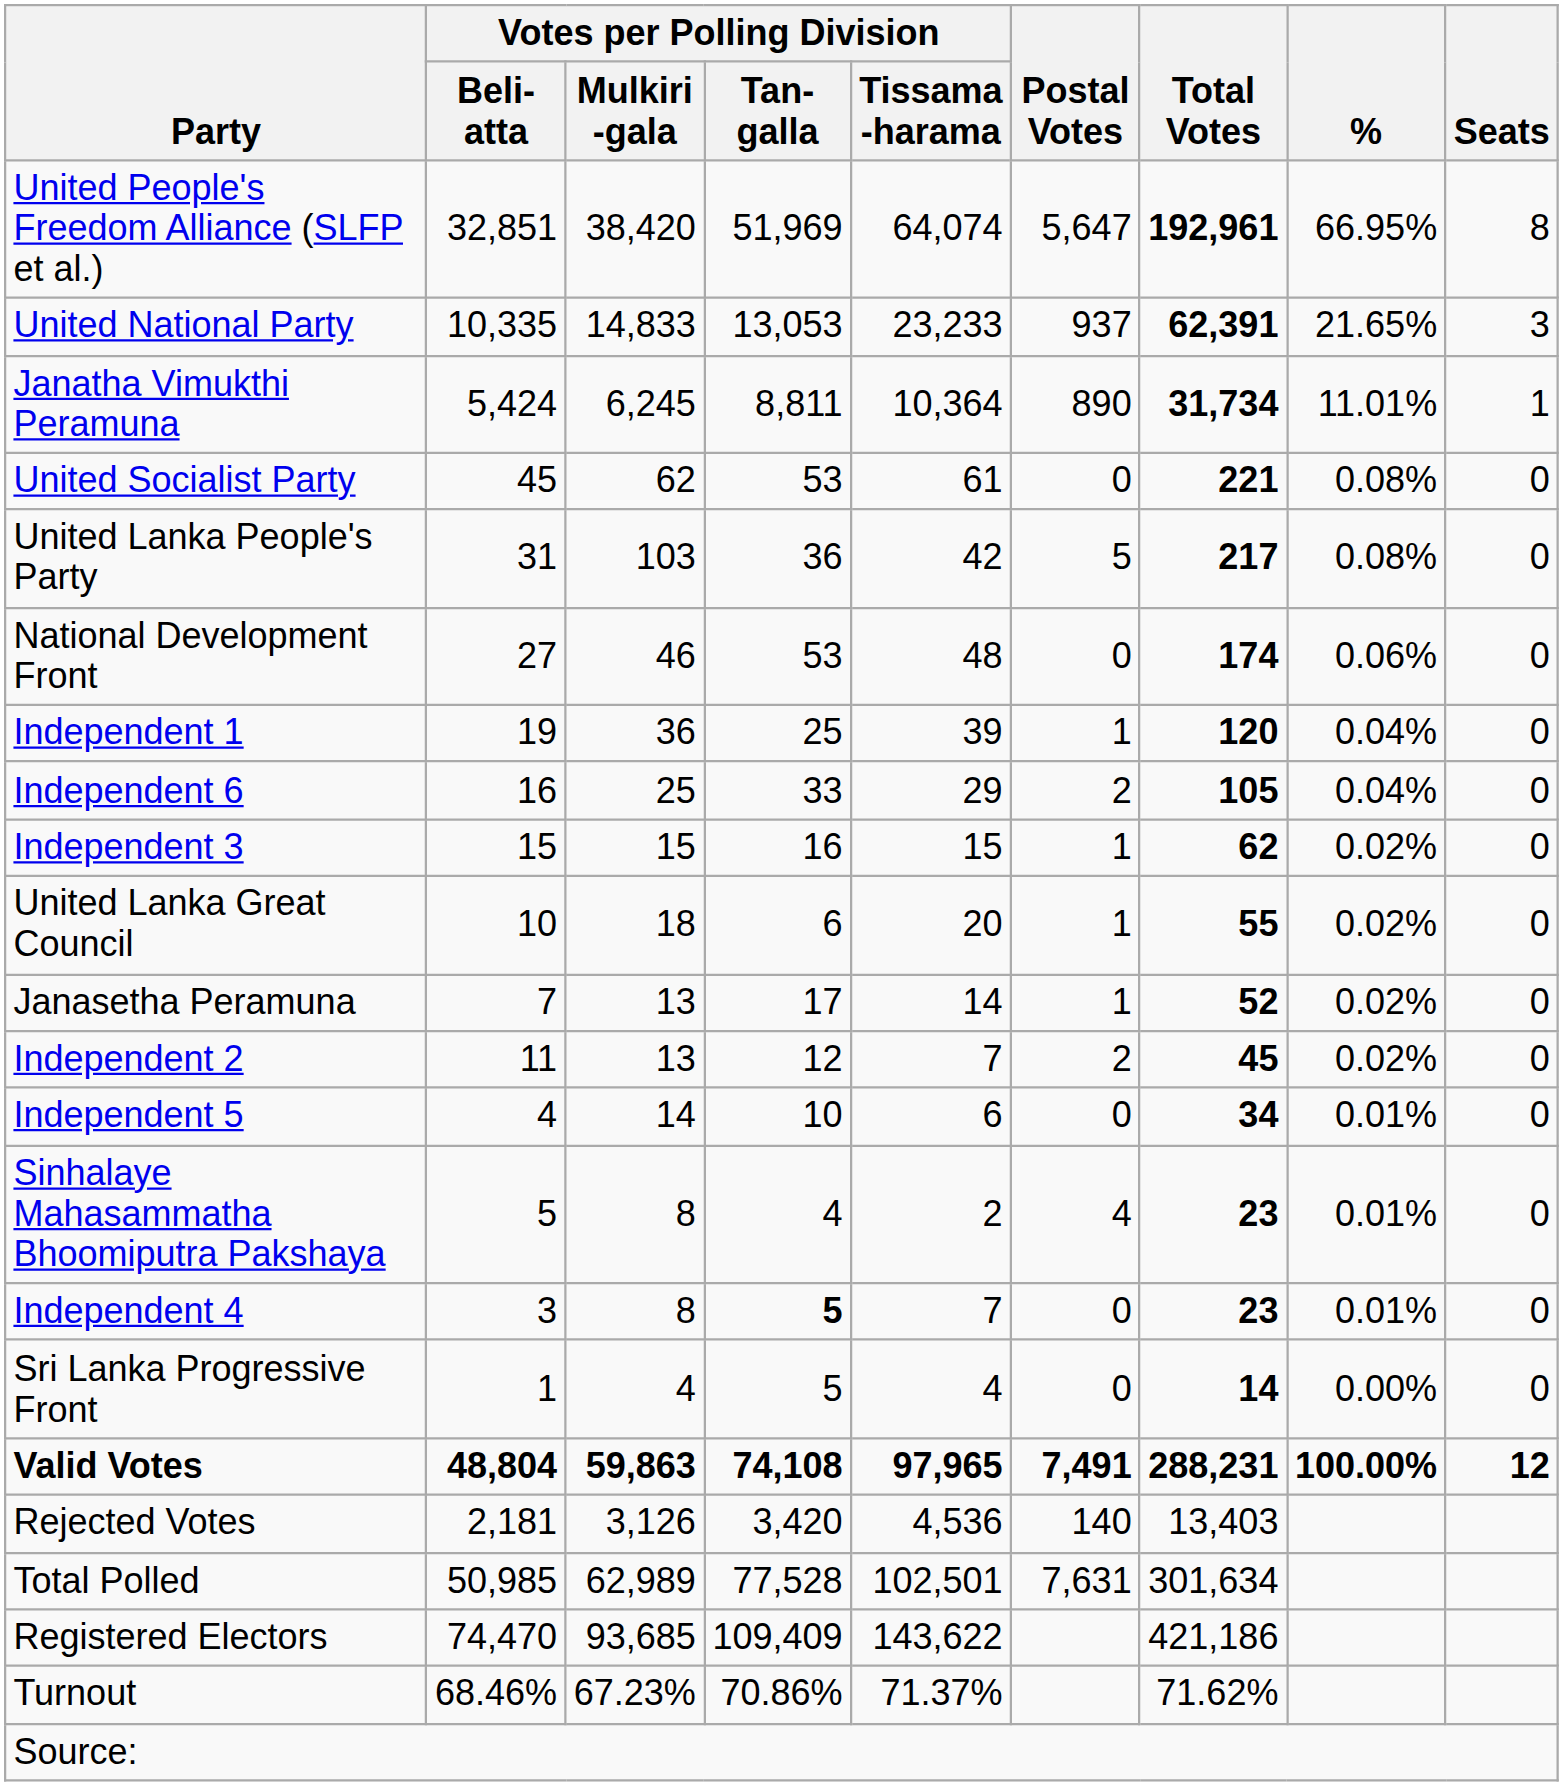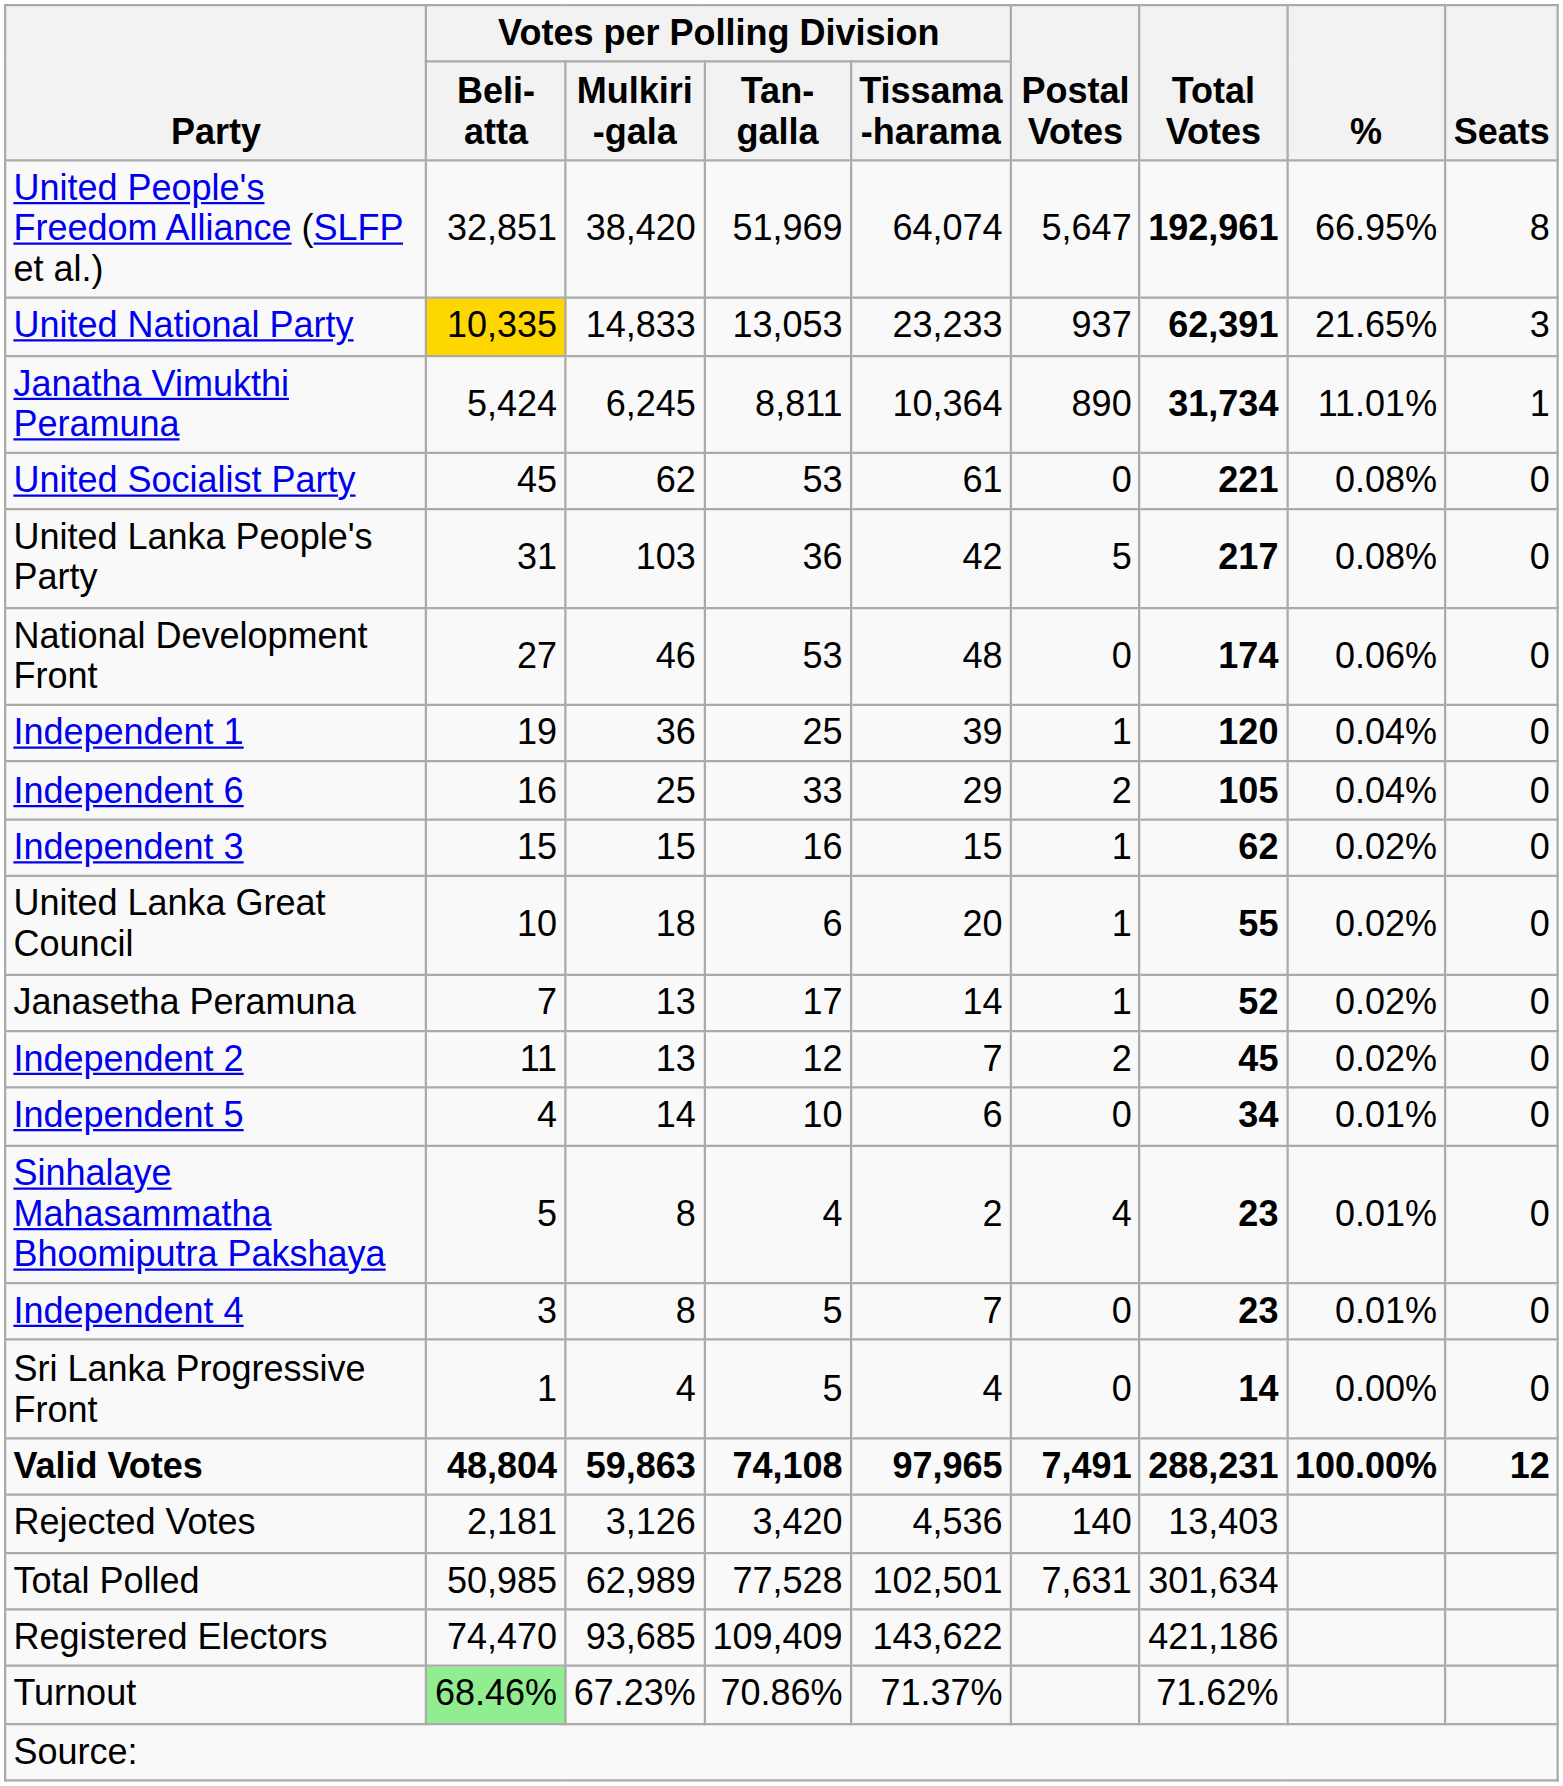 <table class="wikitable" style="text-align:right;">
 <tr>
 <th align=left valign=bottom rowspan=2 width="180">Party</th>
 <th colspan=4>Votes per Polling Division</th>
 <th align=center valign=bottom rowspan=2 width="50">Postal<br>Votes</th>
 <th align=center valign=bottom rowspan=2 width="50">Total Votes</th>
 <th align=center valign=bottom rowspan=2 width="50">%</th>
 <th align=center valign=bottom rowspan=2 width="40">Seats</th>
 </tr>
 <tr>
 <th align=center valign=bottom width="50">Beli-<br>atta</th>
 <th align=center valign=bottom width="50">Mulkiri<br>-gala</th>
 <th align=center valign=bottom width="50">Tan-<br>galla</th>
 <th align=center valign=bottom width="50">Tissama<br>-harama</th>
 </tr>
 <tr>
 <td align=left><a href='#'>United People's Freedom Alliance</a> (<a href='#'>SLFP</a> et al.)</td>
 <td>32,851</td>
 <td>38,420</td>
 <td>51,969</td>
 <td>64,074</td>
 <td>5,647</td>
 <td><strong>192,961</strong></td>
 <td>66.95%</td>
 <td>8</td>
 </tr>
 <tr>
 <td align=left><a href='#'>United National Party</a></td>
-<td>10,335</td>
+<td style="background: gold;">10,335</td>
 <td>14,833</td>
 <td>13,053</td>
 <td>23,233</td>
 <td>937</td>
 <td><strong>62,391</strong></td>
 <td>21.65%</td>
 <td>3</td>
 </tr>
 <tr>
 <td align=left><a href='#'>Janatha Vimukthi Peramuna</a></td>
 <td>5,424</td>
 <td>6,245</td>
 <td>8,811</td>
 <td>10,364</td>
 <td>890</td>
 <td><strong>31,734</strong></td>
 <td>11.01%</td>
 <td>1</td>
 </tr>
 <tr>
 <td align=left><a href='#'>United Socialist Party</a></td>
 <td>45</td>
 <td>62</td>
 <td>53</td>
 <td>61</td>
 <td>0</td>
 <td><strong>221</strong></td>
 <td>0.08%</td>
 <td>0</td>
 </tr>
 <tr>
 <td align=left>United Lanka People's Party</td>
 <td>31</td>
 <td>103</td>
 <td>36</td>
 <td>42</td>
 <td>5</td>
 <td><strong>217</strong></td>
 <td>0.08%</td>
 <td>0</td>
 </tr>
 <tr>
 <td align=left>National Development Front</td>
 <td>27</td>
 <td>46</td>
 <td>53</td>
 <td>48</td>
 <td>0</td>
 <td><strong>174</strong></td>
 <td>0.06%</td>
 <td>0</td>
 </tr>
 <tr>
 <td align=left><a href='#'>Independent 1</a></td>
 <td>19</td>
 <td>36</td>
 <td>25</td>
 <td>39</td>
 <td>1</td>
 <td><strong>120</strong></td>
 <td>0.04%</td>
 <td>0</td>
 </tr>
 <tr>
 <td align=left><a href='#'>Independent 6</a></td>
 <td>16</td>
 <td>25</td>
 <td>33</td>
 <td>29</td>
 <td>2</td>
 <td><strong>105</strong></td>
 <td>0.04%</td>
 <td>0</td>
 </tr>
 <tr>
 <td align=left><a href='#'>Independent 3</a></td>
 <td>15</td>
 <td>15</td>
 <td>16</td>
 <td>15</td>
 <td>1</td>
 <td><strong>62</strong></td>
 <td>0.02%</td>
 <td>0</td>
 </tr>
 <tr>
 <td align=left>United Lanka Great Council</td>
 <td>10</td>
 <td>18</td>
 <td>6</td>
 <td>20</td>
 <td>1</td>
 <td><strong>55</strong></td>
 <td>0.02%</td>
 <td>0</td>
 </tr>
 <tr>
 <td align=left>Janasetha Peramuna</td>
 <td>7</td>
 <td>13</td>
 <td>17</td>
 <td>14</td>
 <td>1</td>
 <td><strong>52</strong></td>
 <td>0.02%</td>
 <td>0</td>
 </tr>
 <tr>
 <td align=left><a href='#'>Independent 2</a></td>
 <td>11</td>
 <td>13</td>
 <td>12</td>
 <td>7</td>
 <td>2</td>
 <td><strong>45</strong></td>
 <td>0.02%</td>
 <td>0</td>
 </tr>
 <tr>
 <td align=left><a href='#'>Independent 5</a></td>
 <td>4</td>
 <td>14</td>
 <td>10</td>
 <td>6</td>
 <td>0</td>
 <td><strong>34</strong></td>
 <td>0.01%</td>
 <td>0</td>
 </tr>
 <tr>
 <td align=left><a href='#'>Sinhalaye Mahasammatha Bhoomiputra Pakshaya</a></td>
 <td>5</td>
 <td>8</td>
 <td>4</td>
 <td>2</td>
 <td>4</td>
 <td><strong>23</strong></td>
 <td>0.01%</td>
 <td>0</td>
 </tr>
 <tr>
 <td align=left><a href='#'>Independent 4</a></td>
 <td>3</td>
 <td>8</td>
-<td><strong>5</strong></td>
+<td>5</td>
 <td>7</td>
 <td>0</td>
 <td><strong>23</strong></td>
 <td>0.01%</td>
 <td>0</td>
 </tr>
 <tr>
 <td align=left>Sri Lanka Progressive Front</td>
 <td>1</td>
 <td>4</td>
 <td>5</td>
 <td>4</td>
 <td>0</td>
 <td><strong>14</strong></td>
 <td>0.00%</td>
 <td>0</td>
 </tr>
 <tr>
 <td align=left><strong>Valid Votes</strong></td>
 <td><strong>48,804</strong></td>
 <td><strong>59,863</strong></td>
 <td><strong>74,108</strong></td>
 <td><strong>97,965</strong></td>
 <td><strong>7,491</strong></td>
 <td><strong>288,231</strong></td>
 <td><strong>100.00%</strong></td>
 <td><strong>12</strong></td>
 </tr>
 <tr>
 <td align=left>Rejected Votes</td>
 <td>2,181</td>
 <td>3,126</td>
 <td>3,420</td>
 <td>4,536</td>
 <td>140</td>
 <td>13,403</td>
 <td></td>
 <td></td>
 </tr>
 <tr>
 <td align=left>Total Polled</td>
 <td>50,985</td>
 <td>62,989</td>
 <td>77,528</td>
 <td>102,501</td>
 <td>7,631</td>
 <td>301,634</td>
 <td></td>
 <td></td>
 </tr>
 <tr>
 <td align=left>Registered Electors</td>
 <td>74,470</td>
 <td>93,685</td>
 <td>109,409</td>
 <td>143,622</td>
 <td></td>
 <td>421,186</td>
 <td></td>
 <td></td>
 </tr>
 <tr>
 <td align=left>Turnout</td>
-<td>68.46%</td>
+<td style="background: lightgreen;">68.46%</td>
 <td>67.23%</td>
 <td>70.86%</td>
 <td>71.37%</td>
 <td></td>
 <td>71.62%</td>
 <td></td>
 <td></td>
 </tr>
 <tr>
 <td align=left colspan=10>Source:</td>
 </tr>
 </table>
